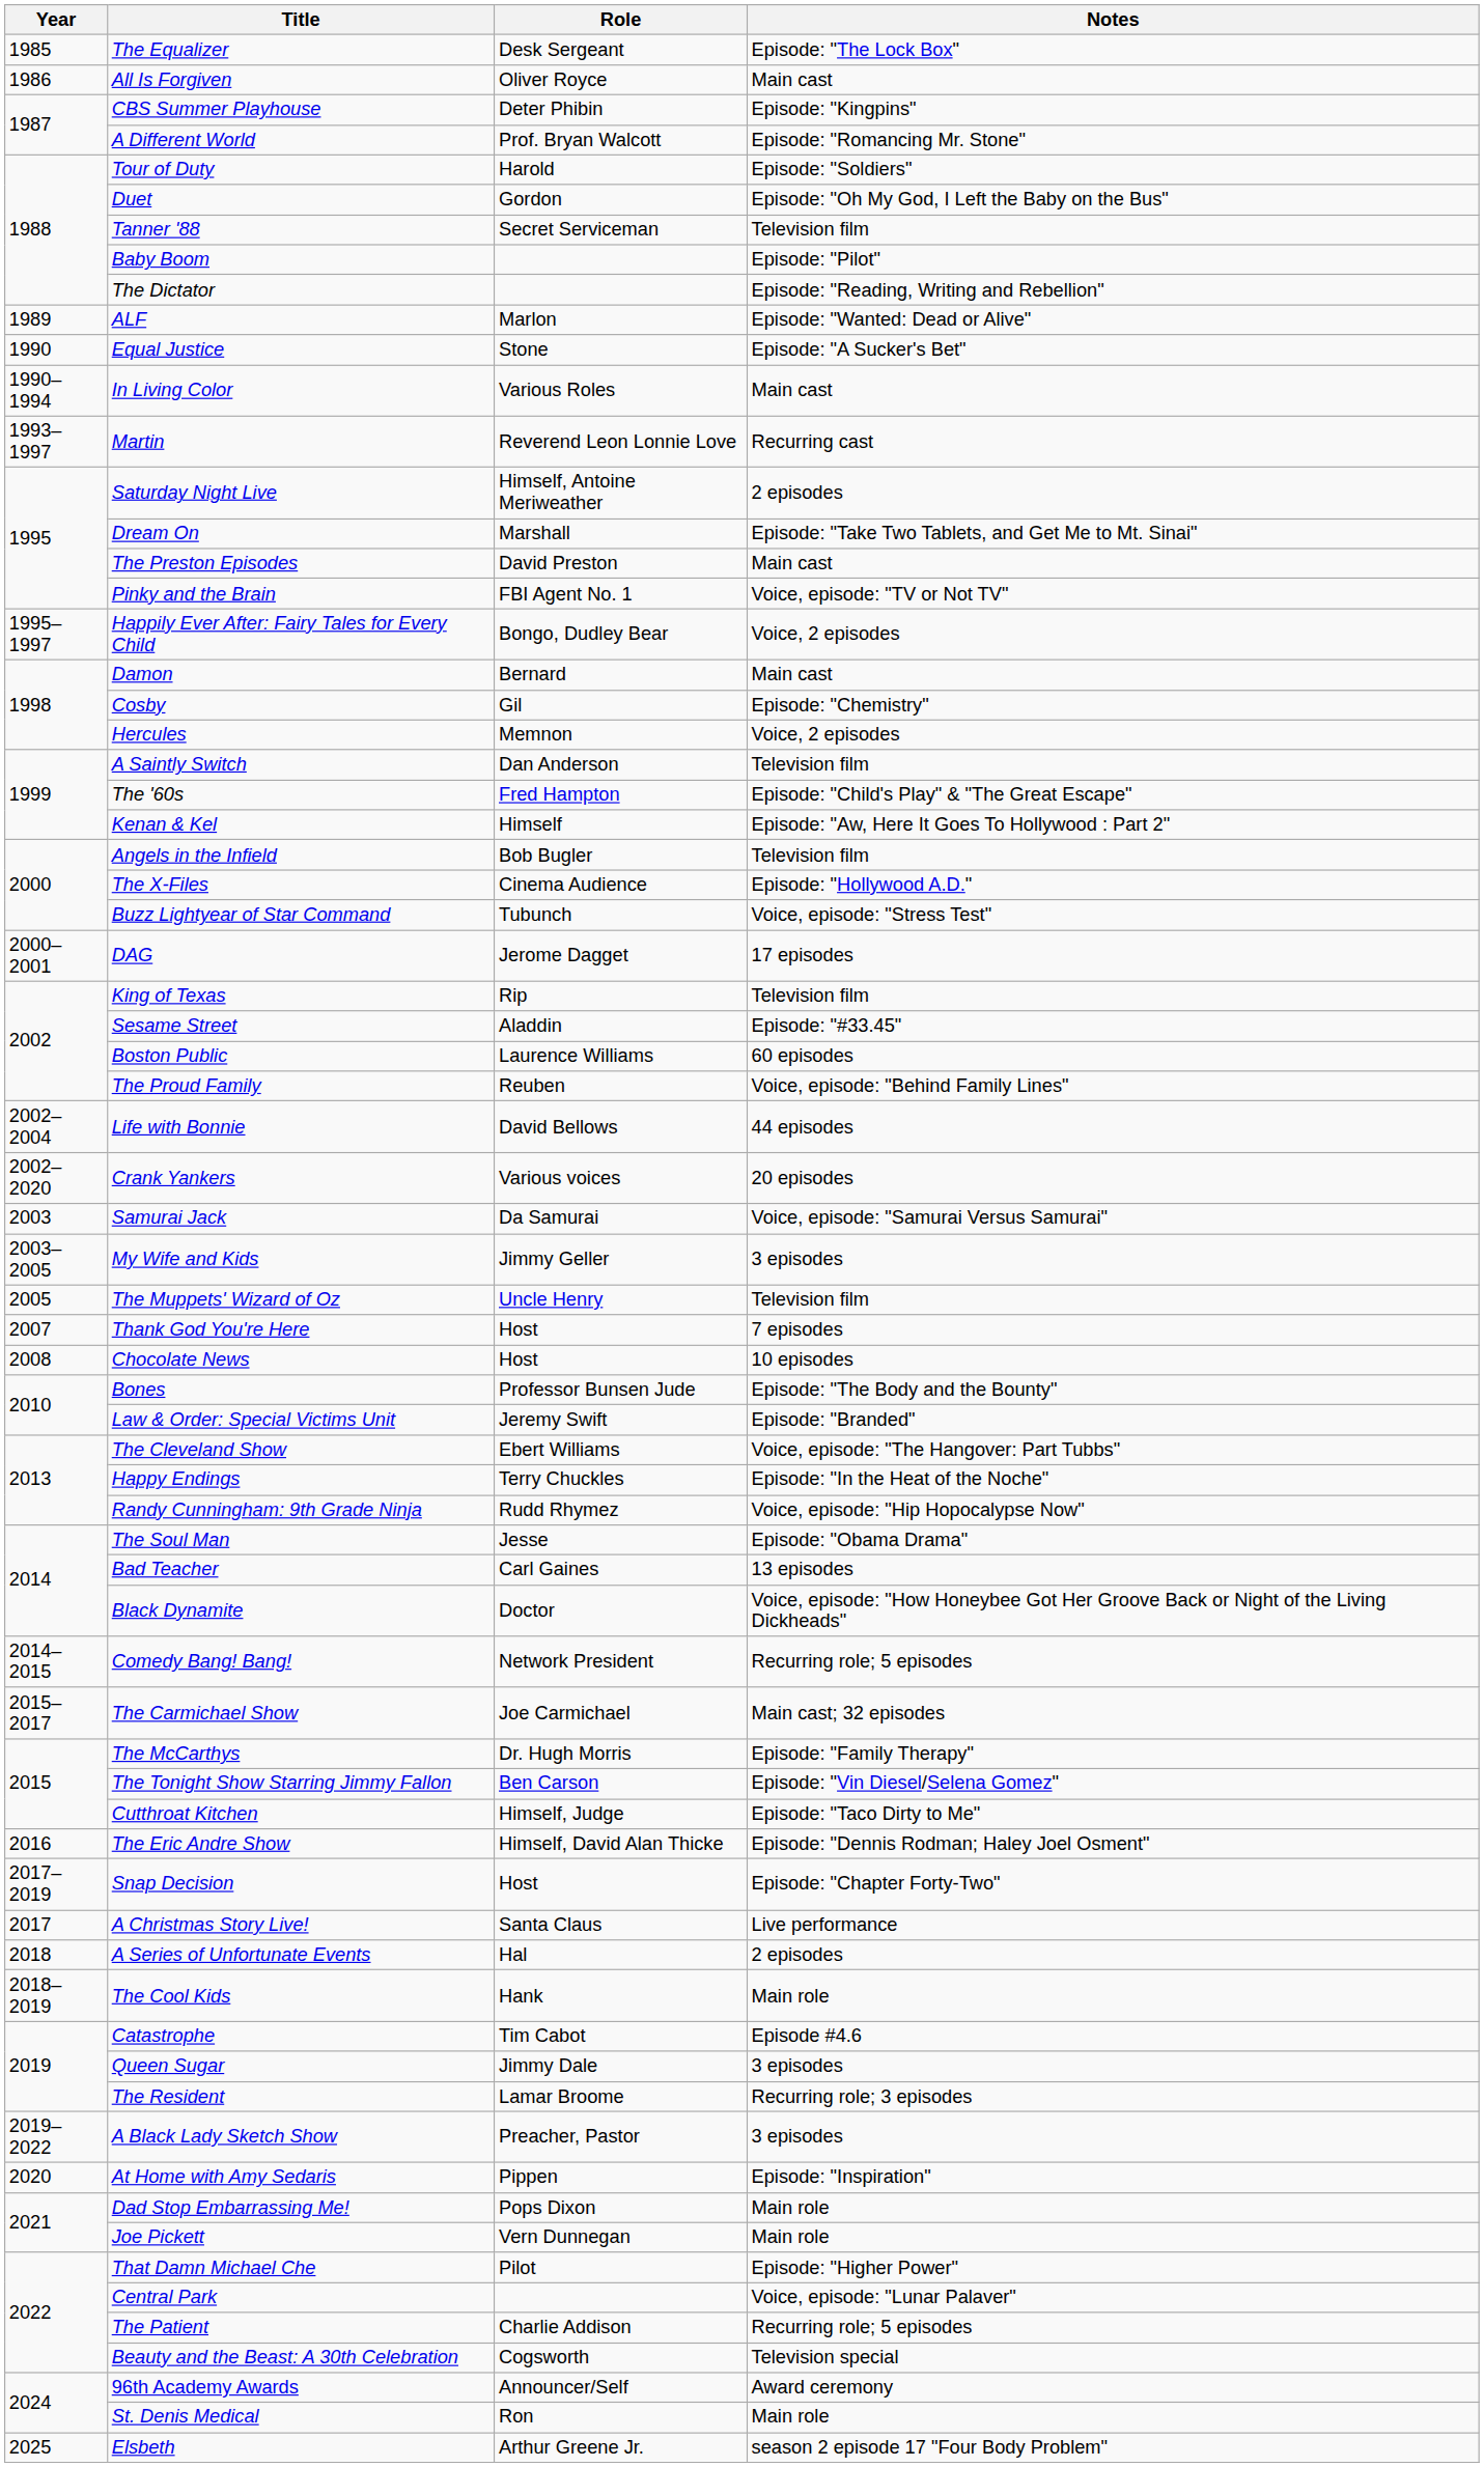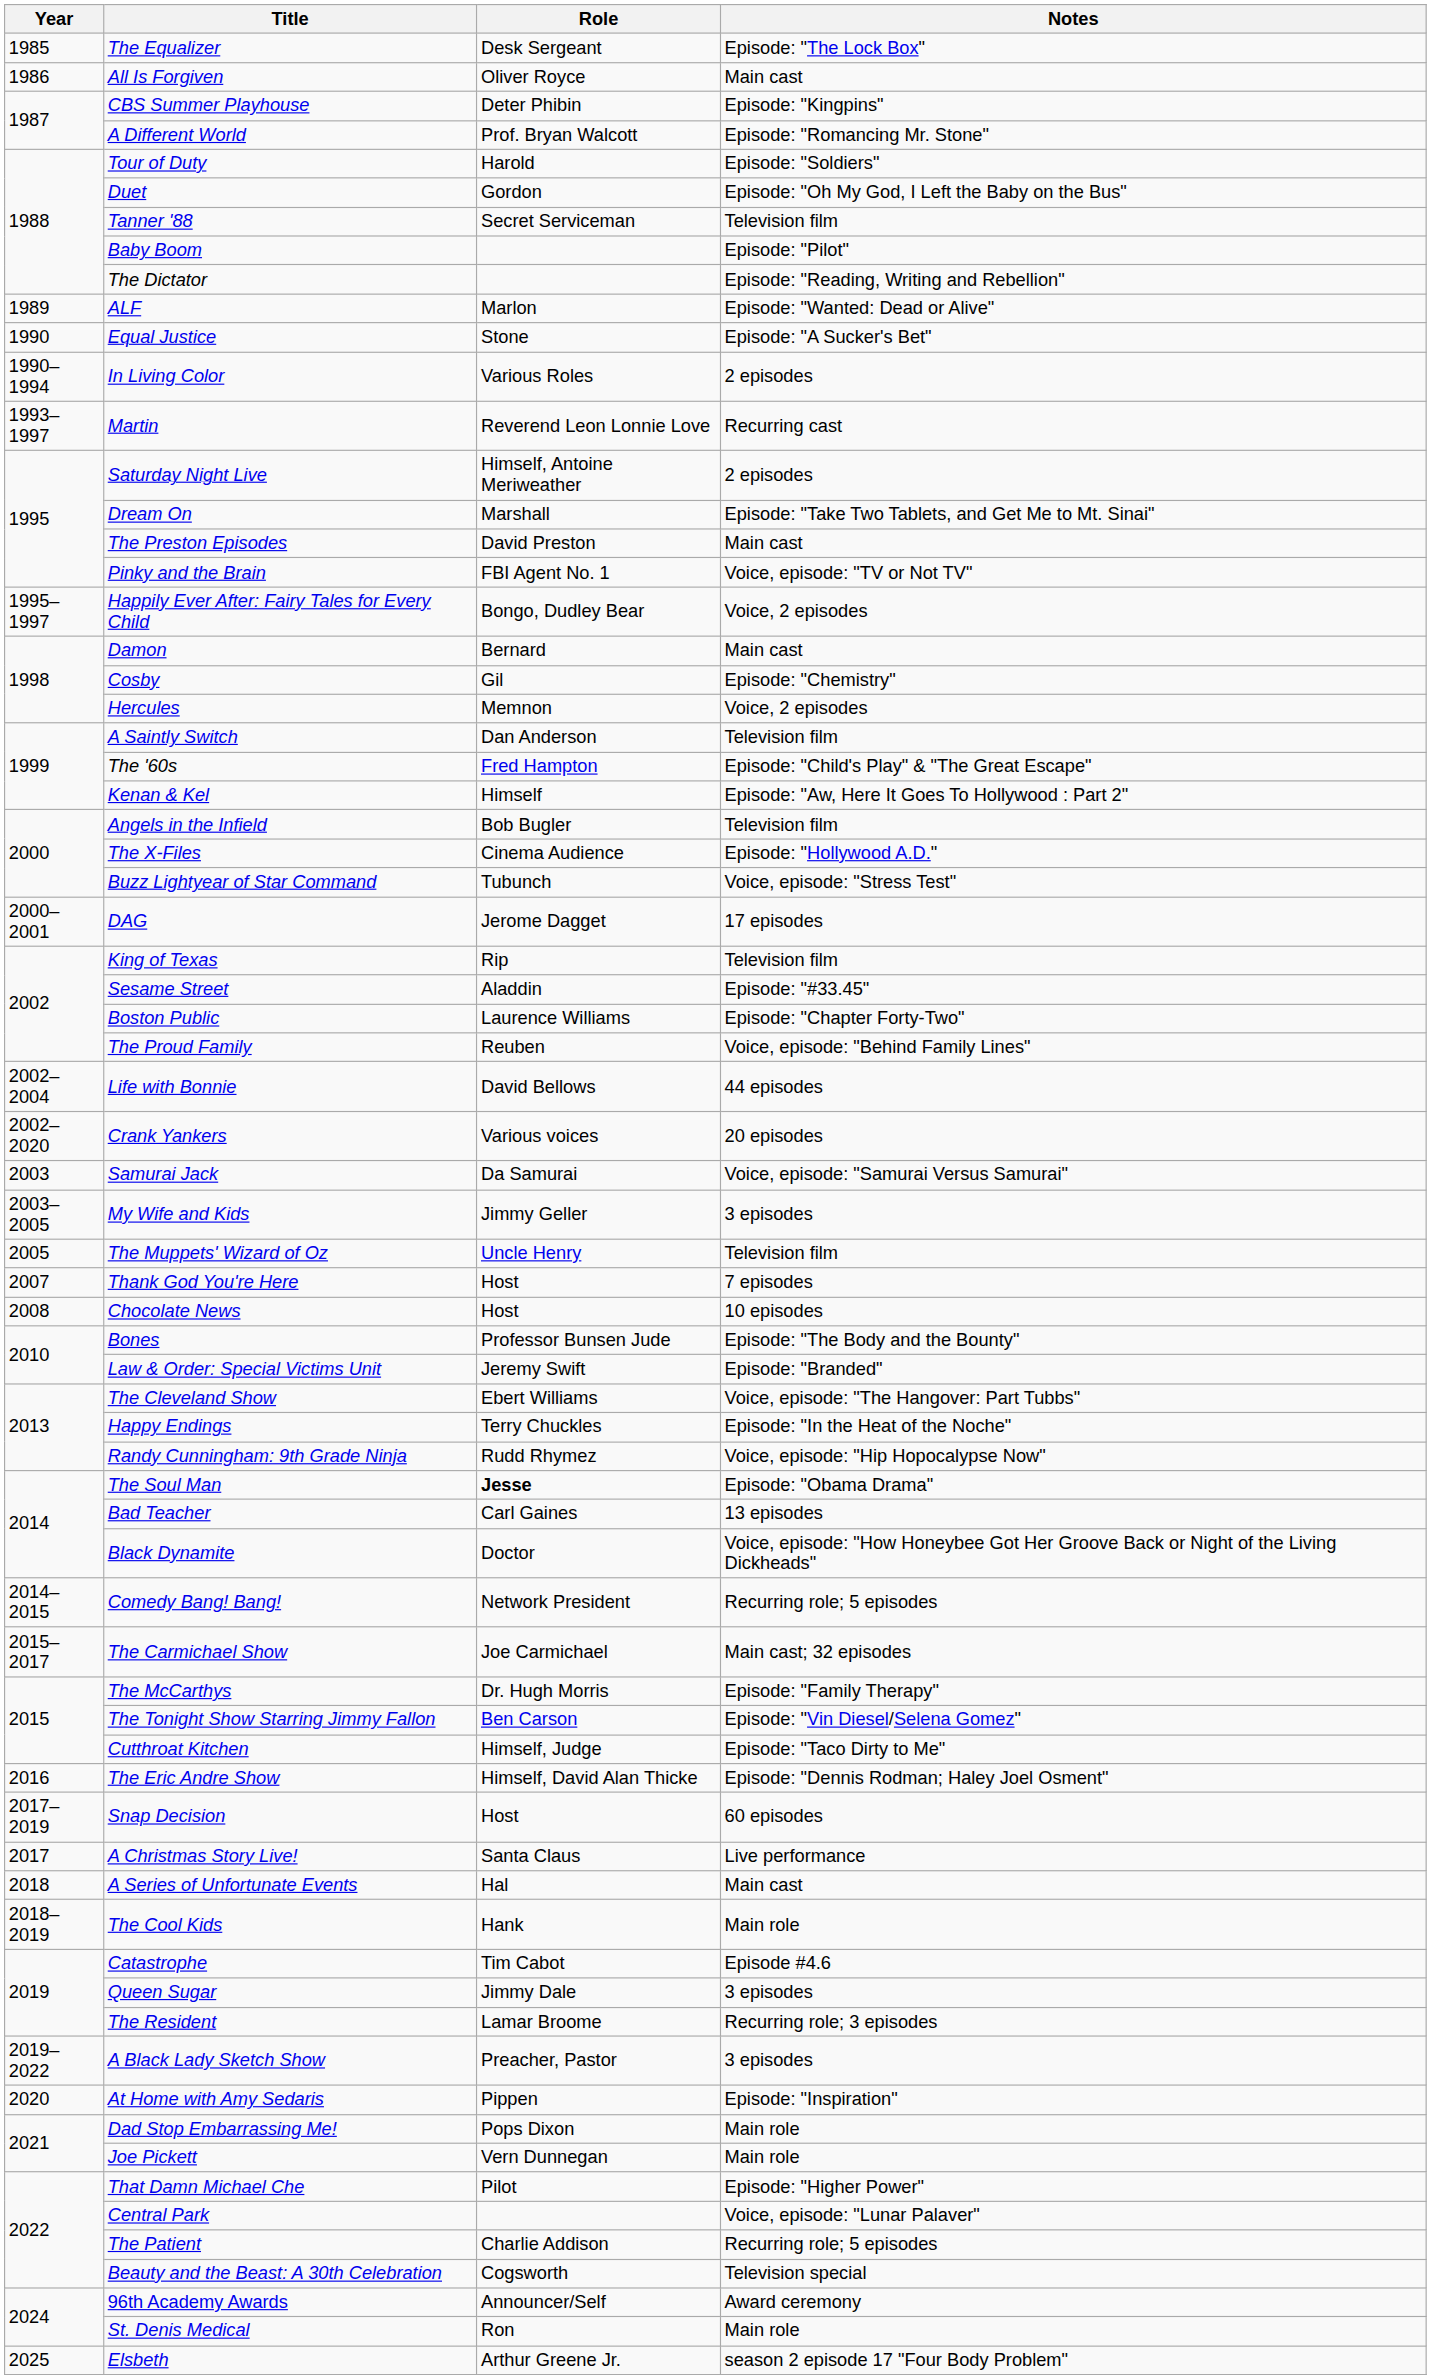 <table class="wikitable sortable">
 <tr>
 <th>Year</th>
 <th>Title</th>
 <th>Role</th>
 <th class="unsortable">Notes</th>
 </tr>
 <tr>
 <td>1985</td>
 <td><em><a href='#'>The Equalizer</a></em></td>
 <td>Desk Sergeant</td>
 <td>Episode: "<a href='#'>The Lock Box</a>"</td>
 </tr>
 <tr>
 <td>1986</td>
 <td><em><a href='#'>All Is Forgiven</a></em></td>
 <td>Oliver Royce</td>
 <td>Main cast</td>
 </tr>
 <tr>
 <td rowspan=2>1987</td>
 <td><em><a href='#'>CBS Summer Playhouse</a></em></td>
 <td>Deter Phibin</td>
 <td>Episode: "Kingpins"</td>
 </tr>
 <tr>
 <td><em><a href='#'>A Different World</a></em></td>
 <td>Prof. Bryan Walcott</td>
 <td>Episode: "Romancing Mr. Stone"</td>
 </tr>
 <tr>
 <td rowspan=5>1988</td>
 <td><em><a href='#'>Tour of Duty</a></em></td>
 <td>Harold</td>
 <td>Episode: "Soldiers"</td>
 </tr>
 <tr 1>
 <td><em><a href='#'>Duet</a></em></td>
 <td>Gordon</td>
 <td>Episode: "Oh My God, I Left the Baby on the Bus"</td>
 </tr>
 <tr>
 <td><em><a href='#'>Tanner '88</a></em></td>
 <td>Secret Serviceman</td>
 <td>Television film</td>
 </tr>
 <tr>
 <td><em><a href='#'>Baby Boom</a></em></td>
 <td></td>
 <td>Episode: "Pilot"</td>
 </tr>
 <tr>
 <td><em>The Dictator</em></td>
 <td></td>
 <td>Episode: "Reading, Writing and Rebellion"</td>
 </tr>
 <tr>
 <td>1989</td>
 <td><em><a href='#'>ALF</a></em></td>
 <td>Marlon</td>
 <td>Episode: "Wanted: Dead or Alive"</td>
 </tr>
 <tr>
 <td>1990</td>
 <td><em><a href='#'>Equal Justice</a></em></td>
 <td>Stone</td>
 <td>Episode: "A Sucker's Bet"</td>
 </tr>
 <tr>
 <td>1990–1994</td>
 <td><em><a href='#'>In Living Color</a></em></td>
 <td>Various Roles</td>
-<td>Main cast</td>
+<td>2 episodes</td>
 </tr>
 <tr>
 <td>1993–1997</td>
 <td><em><a href='#'>Martin</a></em></td>
 <td>Reverend Leon Lonnie Love</td>
 <td>Recurring cast</td>
 </tr>
 <tr>
 <td rowspan="4">1995</td>
 <td><em><a href='#'>Saturday Night Live</a></em></td>
 <td>Himself, Antoine Meriweather</td>
 <td>2 episodes</td>
 </tr>
 <tr>
 <td><em><a href='#'>Dream On</a></em></td>
 <td>Marshall</td>
 <td>Episode: "Take Two Tablets, and Get Me to Mt. Sinai"</td>
 </tr>
 <tr>
 <td><em><a href='#'>The Preston Episodes</a></em></td>
 <td>David Preston</td>
 <td>Main cast</td>
 </tr>
 <tr>
 <td><em><a href='#'>Pinky and the Brain</a></em></td>
 <td>FBI Agent No. 1</td>
 <td>Voice, episode: "TV or Not TV"</td>
 </tr>
 <tr>
 <td>1995–1997</td>
 <td><em><a href='#'>Happily Ever After: Fairy Tales for Every Child</a></em></td>
 <td>Bongo, Dudley Bear</td>
 <td>Voice, 2 episodes</td>
 </tr>
 <tr>
 <td rowspan=3>1998</td>
 <td><em><a href='#'>Damon</a></em></td>
 <td>Bernard</td>
 <td>Main cast</td>
 </tr>
 <tr>
 <td><em><a href='#'>Cosby</a></em></td>
 <td>Gil</td>
 <td>Episode: "Chemistry"</td>
 </tr>
 <tr>
 <td><em><a href='#'>Hercules</a></em></td>
 <td>Memnon</td>
 <td>Voice, 2 episodes</td>
 </tr>
 <tr>
 <td rowspan="3">1999</td>
 <td><em><a href='#'>A Saintly Switch</a></em></td>
 <td>Dan Anderson</td>
 <td>Television film</td>
 </tr>
 <tr>
 <td><em>The '60s</em></td>
 <td><a href='#'>Fred Hampton</a></td>
 <td>Episode: "Child's Play" & "The Great Escape"</td>
 </tr>
 <tr>
 <td><em><a href='#'>Kenan & Kel</a></em></td>
 <td>Himself</td>
 <td>Episode: "Aw, Here It Goes To Hollywood : Part 2"</td>
 </tr>
 <tr>
 <td rowspan="3">2000</td>
 <td><em><a href='#'>Angels in the Infield</a></em></td>
 <td>Bob Bugler</td>
 <td>Television film</td>
 </tr>
 <tr>
 <td><em><a href='#'>The X-Files</a></em></td>
 <td>Cinema Audience</td>
 <td>Episode: "<a href='#'>Hollywood A.D.</a>"</td>
 </tr>
 <tr>
 <td><em><a href='#'>Buzz Lightyear of Star Command</a></em></td>
 <td>Tubunch</td>
 <td>Voice, episode: "Stress Test"</td>
 </tr>
 <tr>
 <td>2000–2001</td>
 <td><em><a href='#'>DAG</a></em></td>
 <td>Jerome Dagget</td>
 <td>17 episodes</td>
 </tr>
 <tr>
 <td rowspan="4">2002</td>
 <td><em><a href='#'>King of Texas</a></em></td>
 <td>Rip</td>
 <td>Television film</td>
 </tr>
 <tr>
 <td><em><a href='#'>Sesame Street</a></em></td>
 <td>Aladdin</td>
 <td>Episode: "#33.45"</td>
 </tr>
 <tr>
 <td><em><a href='#'>Boston Public</a></em></td>
 <td>Laurence Williams</td>
-<td>60 episodes</td>
+<td>Episode: "Chapter Forty-Two"</td>
 </tr>
 <tr>
 <td><em><a href='#'>The Proud Family</a></em></td>
 <td>Reuben</td>
 <td>Voice, episode: "Behind Family Lines"</td>
 </tr>
 <tr>
 <td>2002–2004</td>
 <td><em><a href='#'>Life with Bonnie</a></em></td>
 <td>David Bellows</td>
 <td>44 episodes</td>
 </tr>
 <tr>
 <td>2002–2020</td>
 <td><em><a href='#'>Crank Yankers</a></em></td>
 <td>Various voices</td>
 <td>20 episodes</td>
 </tr>
 <tr>
 <td>2003</td>
 <td><em><a href='#'>Samurai Jack</a></em></td>
 <td>Da Samurai</td>
 <td>Voice, episode: "Samurai Versus Samurai"</td>
 </tr>
 <tr>
 <td>2003–2005</td>
 <td><em><a href='#'>My Wife and Kids</a></em></td>
 <td>Jimmy Geller</td>
 <td>3 episodes</td>
 </tr>
 <tr>
 <td>2005</td>
 <td><em><a href='#'>The Muppets' Wizard of Oz</a></em></td>
 <td><a href='#'>Uncle Henry</a></td>
 <td>Television film</td>
 </tr>
 <tr>
 <td>2007</td>
 <td><em><a href='#'>Thank God You're Here</a></em></td>
 <td>Host</td>
 <td>7 episodes</td>
 </tr>
 <tr>
 <td>2008</td>
 <td><em><a href='#'>Chocolate News</a></em></td>
 <td>Host</td>
 <td>10 episodes</td>
 </tr>
 <tr>
 <td rowspan="2">2010</td>
 <td><em><a href='#'>Bones</a></em></td>
 <td>Professor Bunsen Jude</td>
 <td>Episode: "The Body and the Bounty"</td>
 </tr>
 <tr>
 <td><em><a href='#'>Law & Order: Special Victims Unit</a></em></td>
 <td>Jeremy Swift</td>
 <td>Episode: "Branded"</td>
 </tr>
 <tr>
 <td rowspan="3">2013</td>
 <td><em><a href='#'>The Cleveland Show</a></em></td>
 <td>Ebert Williams</td>
 <td>Voice, episode: "The Hangover: Part Tubbs"</td>
 </tr>
 <tr>
 <td><em><a href='#'>Happy Endings</a></em></td>
 <td>Terry Chuckles</td>
 <td>Episode: "In the Heat of the Noche"</td>
 </tr>
 <tr>
 <td><em><a href='#'>Randy Cunningham: 9th Grade Ninja</a></em></td>
 <td>Rudd Rhymez</td>
 <td>Voice, episode: "Hip Hopocalypse Now"</td>
 </tr>
 <tr>
 <td rowspan="3">2014</td>
 <td><em><a href='#'>The Soul Man</a></em></td>
-<td>Jesse</td>
+<td><strong>Jesse</strong></td>
 <td>Episode: "Obama Drama"</td>
 </tr>
 <tr>
 <td><em><a href='#'>Bad Teacher</a></em></td>
 <td>Carl Gaines</td>
 <td>13 episodes</td>
 </tr>
 <tr>
 <td><em><a href='#'>Black Dynamite</a></em></td>
 <td>Doctor</td>
 <td>Voice, episode: "How Honeybee Got Her Groove Back or Night of the Living Dickheads"</td>
 </tr>
 <tr>
 <td>2014–2015</td>
 <td><em><a href='#'>Comedy Bang! Bang!</a></em></td>
 <td>Network President</td>
 <td>Recurring role; 5 episodes</td>
 </tr>
 <tr>
 <td>2015–2017</td>
 <td><em><a href='#'>The Carmichael Show</a></em></td>
 <td>Joe Carmichael</td>
 <td>Main cast; 32 episodes</td>
 </tr>
 <tr>
 <td rowspan="3">2015</td>
 <td><em><a href='#'>The McCarthys</a></em></td>
 <td>Dr. Hugh Morris</td>
 <td>Episode: "Family Therapy"</td>
 </tr>
 <tr>
 <td><em><a href='#'>The Tonight Show Starring Jimmy Fallon</a></em></td>
 <td><a href='#'>Ben Carson</a></td>
 <td>Episode: "<a href='#'>Vin Diesel</a>/<a href='#'>Selena Gomez</a>"</td>
 </tr>
 <tr>
 <td><em><a href='#'>Cutthroat Kitchen</a></em></td>
 <td>Himself, Judge</td>
 <td>Episode: "Taco Dirty to Me"</td>
 </tr>
 <tr>
 <td>2016</td>
 <td><em><a href='#'>The Eric Andre Show</a></em></td>
 <td>Himself, David Alan Thicke</td>
 <td>Episode: "Dennis Rodman; Haley Joel Osment"</td>
 </tr>
 <tr>
 <td>2017–2019</td>
 <td><em><a href='#'>Snap Decision</a></em></td>
 <td>Host</td>
-<td>Episode: "Chapter Forty-Two"</td>
+<td>60 episodes</td>
 </tr>
 <tr>
 <td>2017</td>
 <td><em><a href='#'>A Christmas Story Live!</a></em></td>
 <td>Santa Claus</td>
 <td>Live performance</td>
 </tr>
 <tr>
 <td>2018</td>
 <td><em><a href='#'>A Series of Unfortunate Events</a></em></td>
 <td>Hal</td>
-<td>2 episodes</td>
+<td>Main cast</td>
 </tr>
 <tr>
 <td>2018–2019</td>
 <td><em><a href='#'>The Cool Kids</a></em></td>
 <td>Hank</td>
 <td>Main role</td>
 </tr>
 <tr>
 <td rowspan="3">2019</td>
 <td><em><a href='#'>Catastrophe</a></em></td>
 <td>Tim Cabot</td>
 <td>Episode #4.6</td>
 </tr>
 <tr>
 <td><em><a href='#'>Queen Sugar</a></em></td>
 <td>Jimmy Dale</td>
 <td>3 episodes</td>
 </tr>
 <tr>
 <td><em><a href='#'>The Resident</a></em></td>
 <td>Lamar Broome</td>
 <td>Recurring role; 3 episodes</td>
 </tr>
 <tr>
 <td>2019–2022</td>
 <td><em><a href='#'>A Black Lady Sketch Show</a></em></td>
 <td>Preacher, Pastor</td>
 <td>3 episodes</td>
 </tr>
 <tr>
 <td>2020</td>
 <td><em><a href='#'>At Home with Amy Sedaris</a></em></td>
 <td>Pippen</td>
 <td>Episode: "Inspiration"</td>
 </tr>
 <tr>
 <td rowspan=2>2021</td>
 <td><em><a href='#'>Dad Stop Embarrassing Me!</a></em></td>
 <td>Pops Dixon</td>
 <td>Main role</td>
 </tr>
 <tr>
 <td><em><a href='#'>Joe Pickett</a></em></td>
 <td>Vern Dunnegan</td>
 <td>Main role</td>
 </tr>
 <tr>
 <td rowspan=4>2022</td>
 <td><em><a href='#'>That Damn Michael Che</a></em></td>
 <td>Pilot</td>
 <td>Episode: "Higher Power"</td>
 </tr>
 <tr>
 <td><em><a href='#'>Central Park</a></em></td>
 <td></td>
 <td>Voice, episode: "Lunar Palaver"</td>
 </tr>
 <tr>
 <td><em><a href='#'>The Patient</a></em></td>
 <td>Charlie Addison</td>
 <td>Recurring role; 5 episodes</td>
 </tr>
 <tr>
 <td><em><a href='#'>Beauty and the Beast: A 30th Celebration</a></em></td>
 <td>Cogsworth</td>
 <td>Television special</td>
 </tr>
 <tr>
 <td rowspan=2>2024</td>
 <td><a href='#'>96th Academy Awards</a></td>
 <td>Announcer/Self</td>
 <td>Award ceremony</td>
 </tr>
 <tr>
 <td><em><a href='#'>St. Denis Medical</a></em></td>
 <td>Ron</td>
 <td>Main role</td>
 </tr>
 <tr>
 <td>2025</td>
 <td><em><a href='#'>Elsbeth</a></em></td>
 <td>Arthur Greene Jr.</td>
 <td>season 2 episode 17 "Four Body Problem"</td>
 </tr>
 <tr>
 </tr>
 </table>
